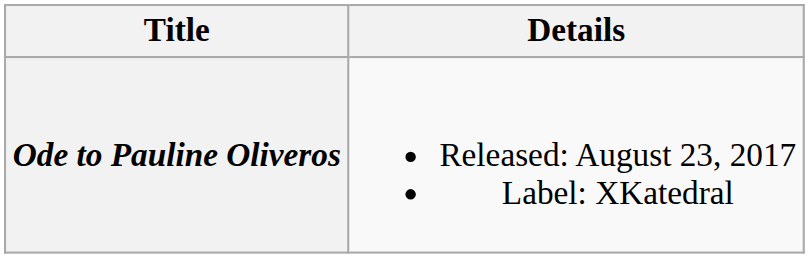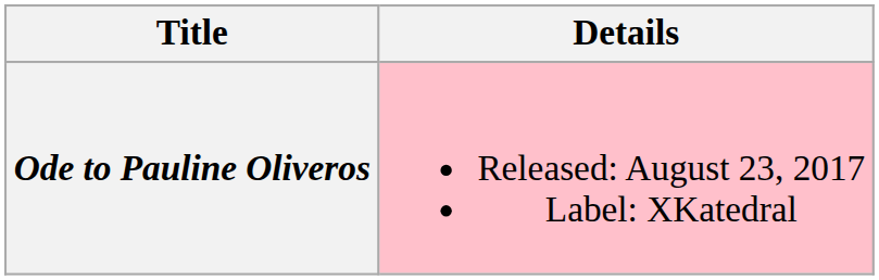 <table class="wikitable plainrowheaders" style="text-align:center;">
 <tr>
 <th scope="col">Title</th>
 <th scope="col">Details</th>
 </tr>
 <tr>
 <th scope="row"><em>Ode to Pauline Oliveros</em></th>
-<td><br><ul><li>Released: August 23, 2017</li><li>Label: XKatedral</li></ul></td>
+<td style="background: pink;"><br><ul><li>Released: August 23, 2017</li><li>Label: XKatedral</li></ul></td>
 </tr>
 </table>
